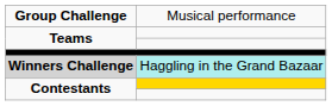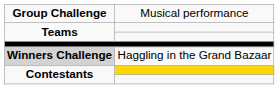 <table class="wikitable" style="text-align:center;">
 <tr>
 <td><strong>Group Challenge</strong></td>
 <td>Musical performance</td>
 </tr>
 <tr>
 <td rowspan="2"><strong>Teams</strong></td>
 <td></td>
 </tr>
 <tr>
 <td></td>
 </tr>
 <tr>
 <td colspan="2" style="background:black;"></td>
 </tr>
 <tr>
 <td style="background: lightgrey;"><strong>Winners Challenge</strong></td>
-<td style="background: paleturquoise;">Haggling in the Grand Bazaar</td>
+<td>Haggling in the Grand Bazaar</td>
 </tr>
 <tr>
 <td rowspan="2"><strong>Contestants</strong></td>
 <td style="background:gold;"></td>
 </tr>
 <tr>
 <td></td>
 </tr>
 </table>
